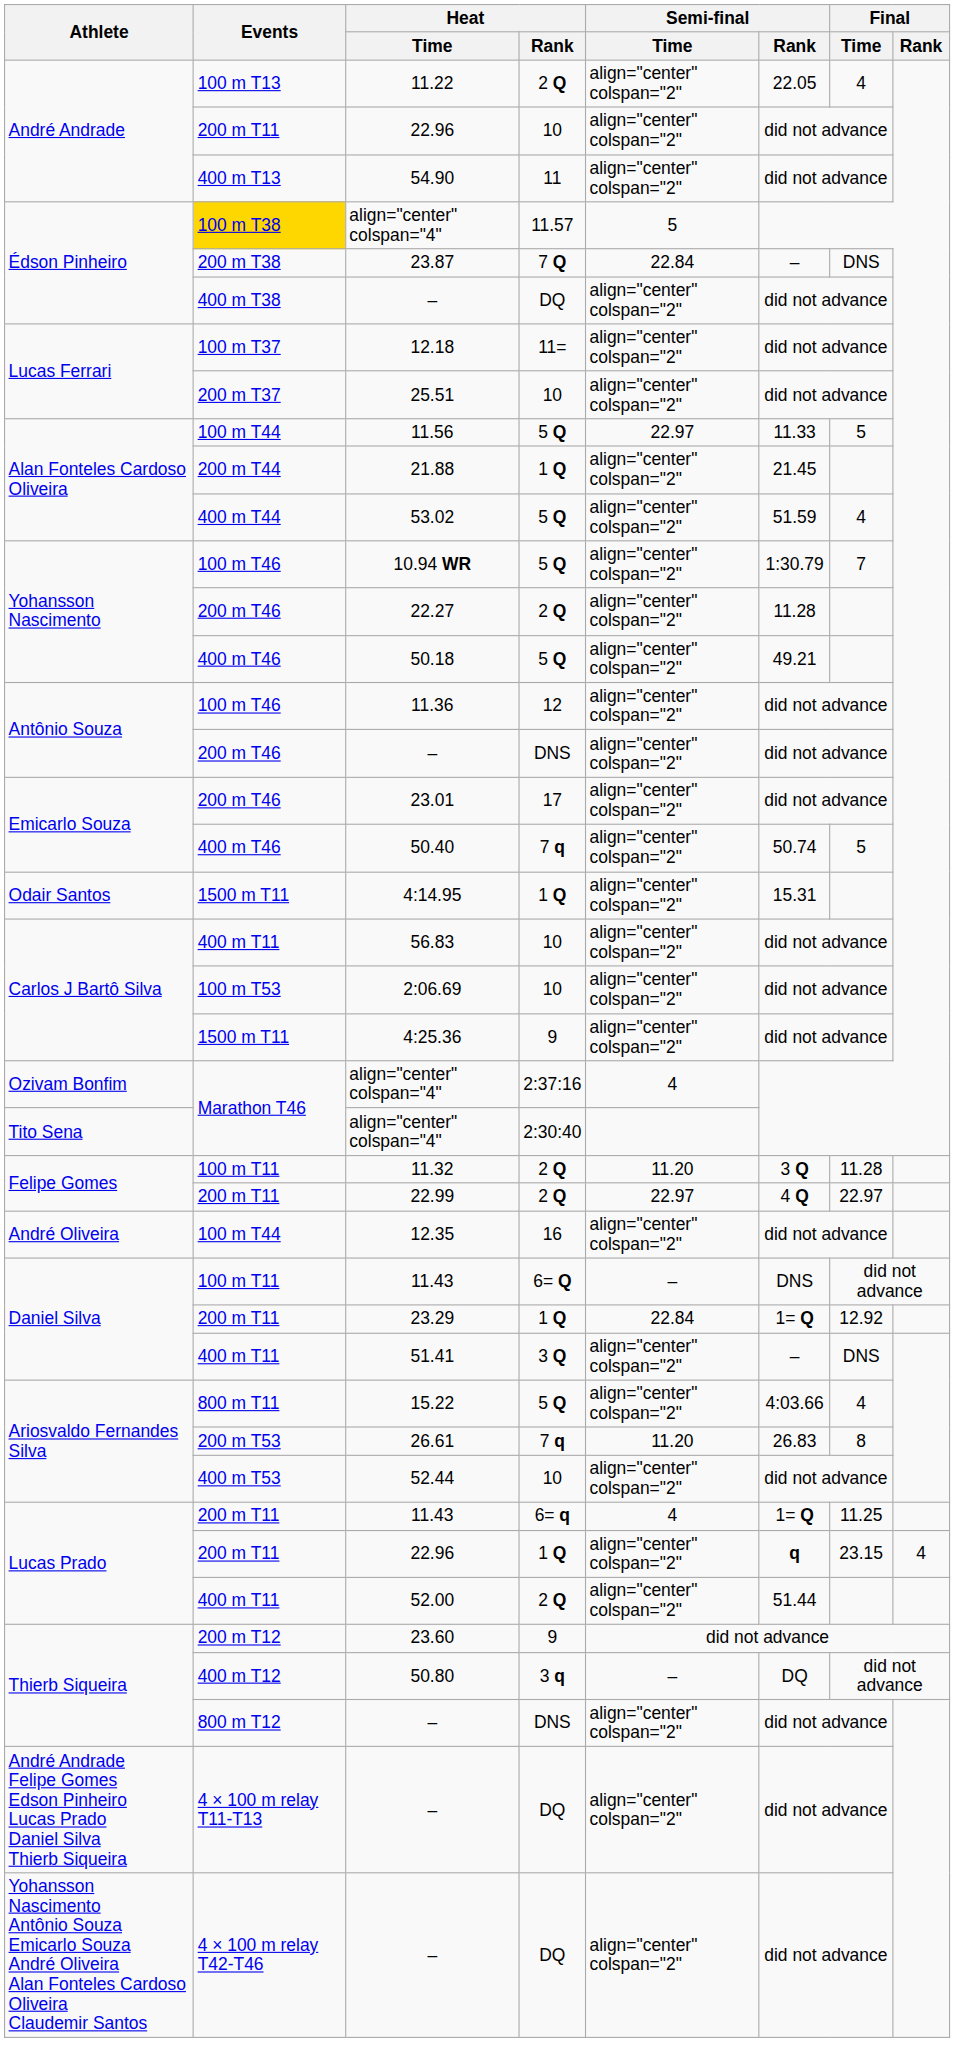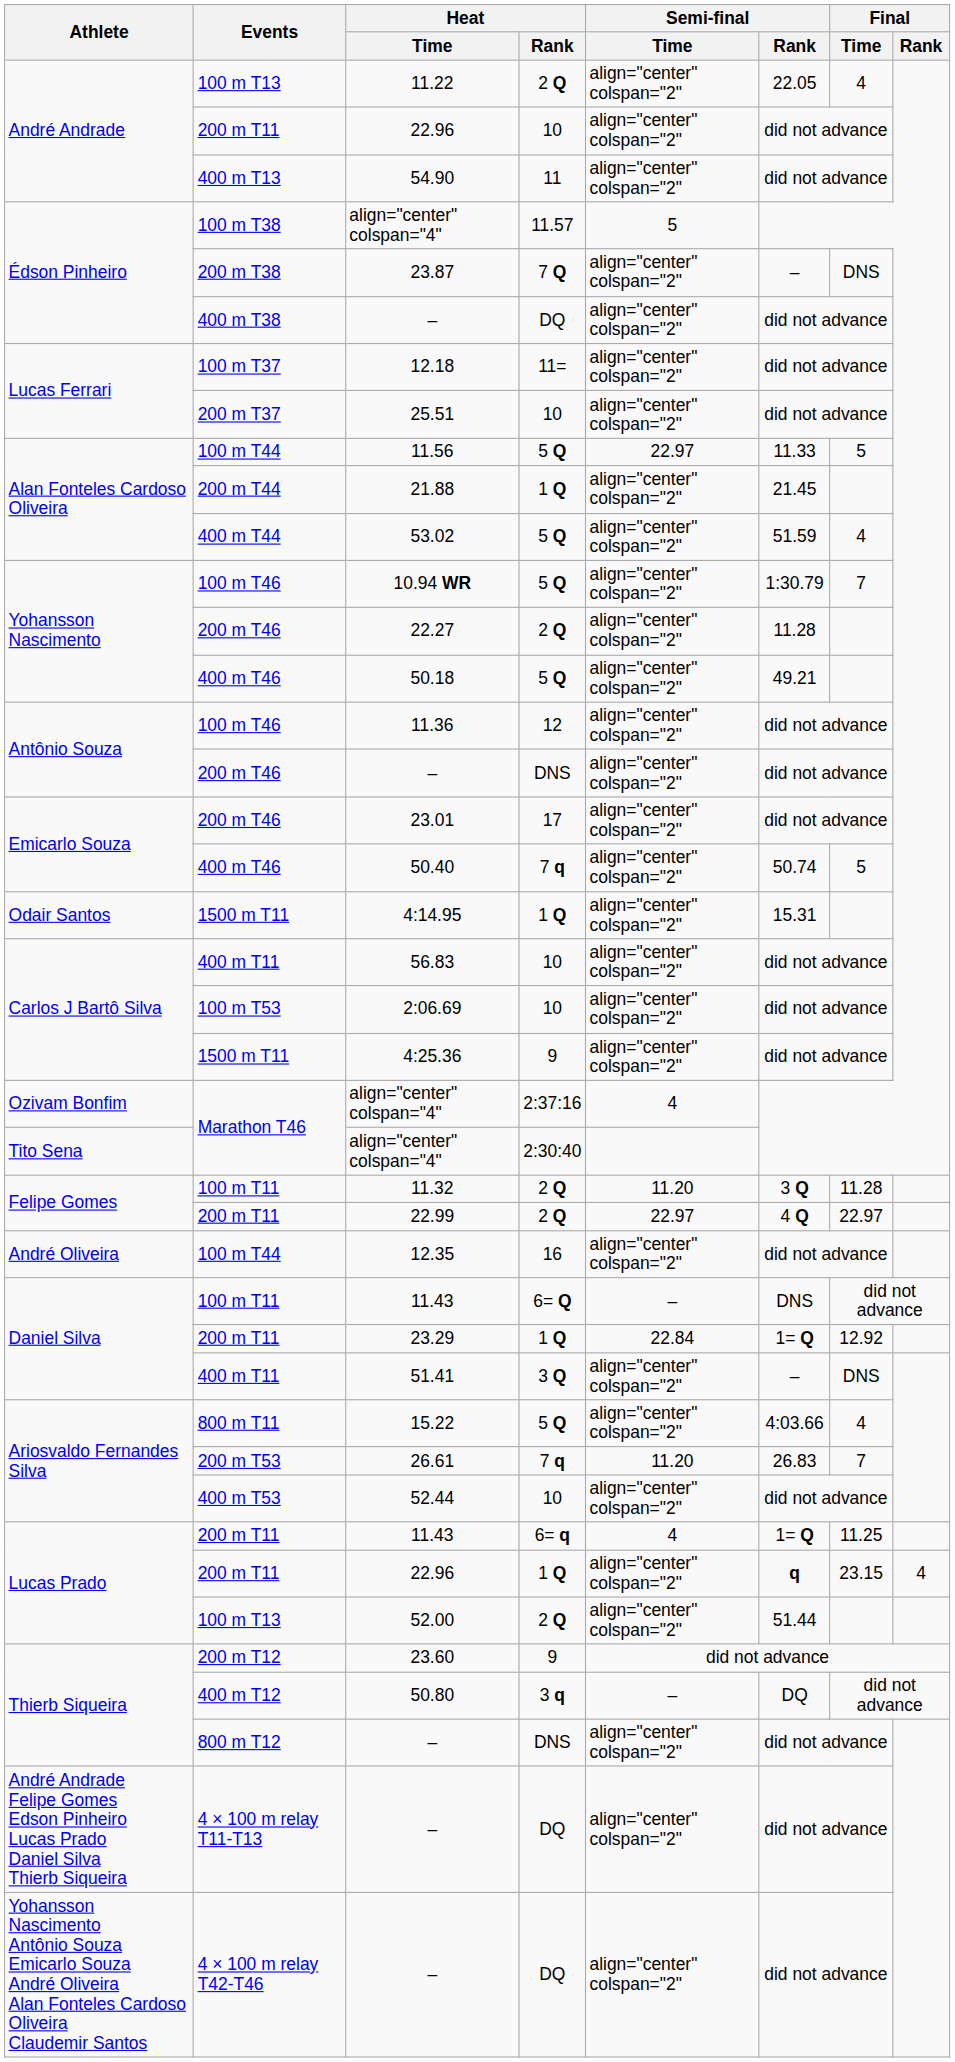 <table class=wikitable>
 <tr>
 <th rowspan="2">Athlete</th>
 <th rowspan="2">Events</th>
 <th colspan="2">Heat</th>
 <th colspan="2">Semi-final</th>
 <th colspan="2">Final</th>
 </tr>
 <tr>
 <th>Time</th>
 <th>Rank</th>
 <th>Time</th>
 <th>Rank</th>
 <th>Time</th>
 <th>Rank</th>
 </tr>
 <tr>
 <td rowspan=3><a href='#'>André Andrade</a></td>
 <td><a href='#'>100 m T13</a></td>
 <td align="center">11.22</td>
 <td align="center">2 <strong>Q</strong></td>
 <td>align="center" colspan="2" </td>
 <td align="center">22.05</td>
 <td align="center">4</td>
 </tr>
 <tr>
 <td><a href='#'>200 m T11</a></td>
 <td align="center">22.96</td>
 <td align="center">10</td>
 <td>align="center" colspan="2" </td>
 <td align="center" colspan="2">did not advance</td>
 </tr>
 <tr>
 <td><a href='#'>400 m T13</a></td>
 <td align="center">54.90</td>
 <td align="center">11</td>
 <td>align="center" colspan="2" </td>
 <td align="center"  colspan="2">did not advance</td>
 </tr>
 <tr>
 <td rowspan=3><a href='#'>Édson Pinheiro</a></td>
-<td style="background: gold;"><a href='#'>100 m T38</a></td>
+<td><a href='#'>100 m T38</a></td>
 <td>align="center" colspan="4" </td>
 <td align="center">11.57</td>
 <td align="center">5</td>
 </tr>
 <tr>
 <td><a href='#'>200 m T38</a></td>
 <td align="center">23.87</td>
 <td align="center">7 <strong>Q</strong></td>
-<td align="center">22.84</td>
+<td>align="center" colspan="2" </td>
 <td align="center">–</td>
 <td align="center">DNS</td>
 </tr>
 <tr>
 <td><a href='#'>400 m T38</a></td>
 <td align="center">–</td>
 <td align="center">DQ</td>
 <td>align="center" colspan="2" </td>
 <td align="center"  colspan="2">did not advance</td>
 </tr>
 <tr>
 <td rowspan=2><a href='#'>Lucas Ferrari</a></td>
 <td><a href='#'>100 m T37</a></td>
 <td align="center">12.18</td>
 <td align="center">11=</td>
 <td>align="center" colspan="2" </td>
 <td align="center" colspan="2">did not advance</td>
 </tr>
 <tr>
 <td><a href='#'>200 m T37</a></td>
 <td align="center">25.51</td>
 <td align="center">10</td>
 <td>align="center" colspan="2" </td>
 <td align="center" colspan="2">did not advance</td>
 </tr>
 <tr>
 <td rowspan=3><a href='#'>Alan Fonteles Cardoso Oliveira</a></td>
 <td><a href='#'>100 m T44</a></td>
 <td align="center">11.56</td>
 <td align="center">5 <strong>Q</strong></td>
 <td align="center">22.97</td>
 <td align="center">11.33</td>
 <td align="center">5</td>
 </tr>
 <tr>
 <td><a href='#'>200 m T44</a></td>
 <td align="center">21.88</td>
 <td align="center">1 <strong>Q</strong></td>
 <td>align="center" colspan="2" </td>
 <td align="center">21.45</td>
 <td align="center"></td>
 </tr>
 <tr>
 <td><a href='#'>400 m T44</a></td>
 <td align="center">53.02</td>
 <td align="center">5 <strong>Q</strong></td>
 <td>align="center" colspan="2" </td>
 <td align="center">51.59</td>
 <td align="center">4</td>
 </tr>
 <tr>
 <td rowspan=3><a href='#'>Yohansson Nascimento</a></td>
 <td><a href='#'>100 m T46</a></td>
 <td align="center">10.94 <strong>WR</strong></td>
 <td align="center">5 <strong>Q</strong></td>
 <td>align="center" colspan="2" </td>
 <td align="center">1:30.79</td>
 <td align="center">7</td>
 </tr>
 <tr>
 <td><a href='#'>200 m T46</a></td>
 <td align="center">22.27</td>
 <td align="center">2 <strong>Q</strong></td>
 <td>align="center" colspan="2" </td>
 <td align="center">11.28</td>
 <td align="center"></td>
 </tr>
 <tr>
 <td><a href='#'>400 m T46</a></td>
 <td align="center">50.18</td>
 <td align="center">5 <strong>Q</strong></td>
 <td>align="center" colspan="2" </td>
 <td align="center">49.21</td>
 <td align="center"></td>
 </tr>
 <tr>
 <td rowspan=2><a href='#'>Antônio Souza</a></td>
 <td><a href='#'>100 m T46</a></td>
 <td align="center">11.36</td>
 <td align="center">12</td>
 <td>align="center" colspan="2" </td>
 <td align="center" colspan="2">did not advance</td>
 </tr>
 <tr>
 <td><a href='#'>200 m T46</a></td>
 <td align="center">–</td>
 <td align="center">DNS</td>
 <td>align="center" colspan="2" </td>
 <td align="center" colspan="2">did not advance</td>
 </tr>
 <tr>
 <td rowspan=2><a href='#'>Emicarlo Souza</a></td>
 <td><a href='#'>200 m T46</a></td>
 <td align="center">23.01</td>
 <td align="center">17</td>
 <td>align="center" colspan="2" </td>
 <td align="center" colspan="2">did not advance</td>
 </tr>
 <tr>
 <td><a href='#'>400 m T46</a></td>
 <td align="center">50.40</td>
 <td align="center">7 <strong>q</strong></td>
 <td>align="center" colspan="2" </td>
 <td align="center">50.74</td>
 <td align="center">5</td>
 </tr>
 <tr>
 <td><a href='#'>Odair Santos</a></td>
 <td><a href='#'>1500 m T11</a></td>
 <td align="center">4:14.95</td>
 <td align="center">1 <strong>Q</strong></td>
 <td>align="center" colspan="2" </td>
 <td align="center">15.31</td>
 <td align="center"></td>
 </tr>
 <tr>
 <td rowspan="3"><a href='#'>Carlos J Bartô Silva</a></td>
 <td><a href='#'>400 m T11</a></td>
 <td align="center">56.83</td>
 <td align="center">10</td>
 <td>align="center" colspan="2" </td>
 <td align="center" colspan="2">did not advance</td>
 </tr>
 <tr>
 <td><a href='#'>100 m T53</a></td>
 <td align="center">2:06.69</td>
 <td align="center">10</td>
 <td>align="center" colspan="2" </td>
 <td align="center" colspan="2">did not advance</td>
 </tr>
 <tr>
 <td><a href='#'>1500 m T11</a></td>
 <td align="center">4:25.36</td>
 <td align="center">9</td>
 <td>align="center" colspan="2" </td>
 <td align="center" colspan="2">did not advance</td>
 </tr>
 <tr>
 <td><a href='#'>Ozivam Bonfim</a></td>
 <td rowspan="2"><a href='#'>Marathon T46</a></td>
 <td>align="center" colspan="4" </td>
 <td align="center">2:37:16</td>
 <td align="center">4</td>
 </tr>
 <tr>
 <td><a href='#'>Tito Sena</a></td>
 <td>align="center" colspan="4" </td>
 <td align="center">2:30:40</td>
 <td align="center"></td>
 </tr>
 <tr>
 <td rowspan="2"><a href='#'>Felipe Gomes</a></td>
 <td><a href='#'>100 m T11</a></td>
 <td align="center">11.32</td>
 <td align="center">2 <strong>Q</strong></td>
 <td align="center">11.20</td>
 <td align="center">3 <strong>Q</strong></td>
 <td align="center">11.28</td>
 <td align="center"></td>
 </tr>
 <tr>
 <td><a href='#'>200 m T11</a></td>
 <td align="center">22.99</td>
 <td align="center">2 <strong>Q</strong></td>
 <td align="center">22.97</td>
 <td align="center">4 <strong>Q</strong></td>
 <td align="center">22.97</td>
 <td align="center"></td>
 </tr>
 <tr>
 <td><a href='#'>André Oliveira</a></td>
 <td><a href='#'>100 m T44</a></td>
 <td align="center">12.35</td>
 <td align="center">16</td>
 <td>align="center" colspan="2" </td>
 <td align="center" colspan="2">did not advance</td>
 </tr>
 <tr>
 <td rowspan="3"><a href='#'>Daniel Silva</a></td>
 <td><a href='#'>100 m T11</a></td>
 <td align="center">11.43</td>
 <td align="center">6= <strong>Q</strong></td>
 <td align="center">–</td>
 <td align="center">DNS</td>
 <td align="center" colspan="2">did not advance</td>
 </tr>
 <tr>
 <td><a href='#'>200 m T11</a></td>
 <td align="center">23.29</td>
 <td align="center">1 <strong>Q</strong></td>
 <td align="center">22.84</td>
 <td align="center">1= <strong>Q</strong></td>
 <td align="center">12.92</td>
 <td align="center"></td>
 </tr>
 <tr>
 <td><a href='#'>400 m T11</a></td>
 <td align="center">51.41</td>
 <td align="center">3 <strong>Q</strong></td>
 <td>align="center" colspan="2" </td>
 <td align="center">–</td>
 <td align="center">DNS</td>
 </tr>
 <tr>
 <td rowspan="3"><a href='#'>Ariosvaldo Fernandes Silva</a></td>
 <td><a href='#'>800 m T11</a></td>
 <td align="center">15.22</td>
 <td align="center">5 <strong>Q</strong></td>
 <td>align="center" colspan="2" </td>
 <td align="center">4:03.66</td>
 <td align="center">4</td>
 </tr>
 <tr>
 <td><a href='#'>200 m T53</a></td>
 <td align="center">26.61</td>
 <td align="center">7 <strong>q</strong></td>
 <td align="center">11.20</td>
 <td align="center">26.83</td>
-<td align="center">8</td>
+<td align="center">7</td>
 </tr>
 <tr>
 <td><a href='#'>400 m T53</a></td>
 <td align="center">52.44</td>
 <td align="center">10</td>
 <td>align="center" colspan="2" </td>
 <td align="center" colspan="2">did not advance</td>
 </tr>
 <tr>
 <td rowspan="3"><a href='#'>Lucas Prado</a></td>
 <td><a href='#'>200 m T11</a></td>
 <td align="center">11.43</td>
 <td align="center">6= <strong>q</strong></td>
 <td align="center">4</td>
 <td align="center">1= <strong>Q</strong></td>
 <td align="center">11.25</td>
 <td align="center"></td>
 </tr>
 <tr>
 <td><a href='#'>200 m T11</a></td>
 <td align="center">22.96</td>
 <td align="center">1 <strong>Q</strong></td>
 <td>align="center" colspan="2" </td>
 <td align="center"><strong>q</strong></td>
 <td align="center">23.15</td>
 <td align="center">4</td>
 </tr>
 <tr>
-<td><a href='#'>400 m T11</a></td>
+<td><a href='#'>100 m T13</a></td>
 <td align="center">52.00</td>
 <td align="center">2 <strong>Q</strong></td>
 <td>align="center" colspan="2" </td>
 <td align="center">51.44</td>
 <td align="center"></td>
 </tr>
 <tr>
 <td rowspan="3"><a href='#'>Thierb Siqueira</a></td>
 <td><a href='#'>200 m T12</a></td>
 <td align="center">23.60</td>
 <td align="center">9</td>
 <td align="center" colspan="4">did not advance</td>
 </tr>
 <tr>
 <td><a href='#'>400 m T12</a></td>
 <td align="center">50.80</td>
 <td align="center">3 <strong>q</strong></td>
 <td align="center">–</td>
 <td align="center">DQ</td>
 <td align="center" colspan="2">did not advance</td>
 </tr>
 <tr>
 <td><a href='#'>800 m T12</a></td>
 <td align="center">–</td>
 <td align="center">DNS</td>
 <td>align="center" colspan="2" </td>
 <td align="center" colspan="2">did not advance</td>
 </tr>
 <tr>
 <td><a href='#'>André Andrade</a><br><a href='#'>Felipe Gomes</a><br><a href='#'>Edson Pinheiro</a><br><a href='#'>Lucas Prado</a><br><a href='#'>Daniel Silva</a><br><a href='#'>Thierb Siqueira</a></td>
 <td><a href='#'>4 × 100 m relay T11-T13</a></td>
 <td align="center">–</td>
 <td align="center">DQ</td>
 <td>align="center" colspan="2" </td>
 <td align="center" colspan="2">did not advance</td>
 </tr>
 <tr>
 <td><a href='#'>Yohansson Nascimento</a><br><a href='#'>Antônio Souza</a><br><a href='#'>Emicarlo Souza</a><br><a href='#'>André Oliveira</a><br><a href='#'>Alan Fonteles Cardoso Oliveira</a><br><a href='#'>Claudemir Santos</a></td>
 <td><a href='#'>4 × 100 m relay T42-T46</a></td>
 <td align="center">–</td>
 <td align="center">DQ</td>
 <td>align="center" colspan="2" </td>
 <td align="center" colspan="2">did not advance</td>
 </tr>
 </table>
